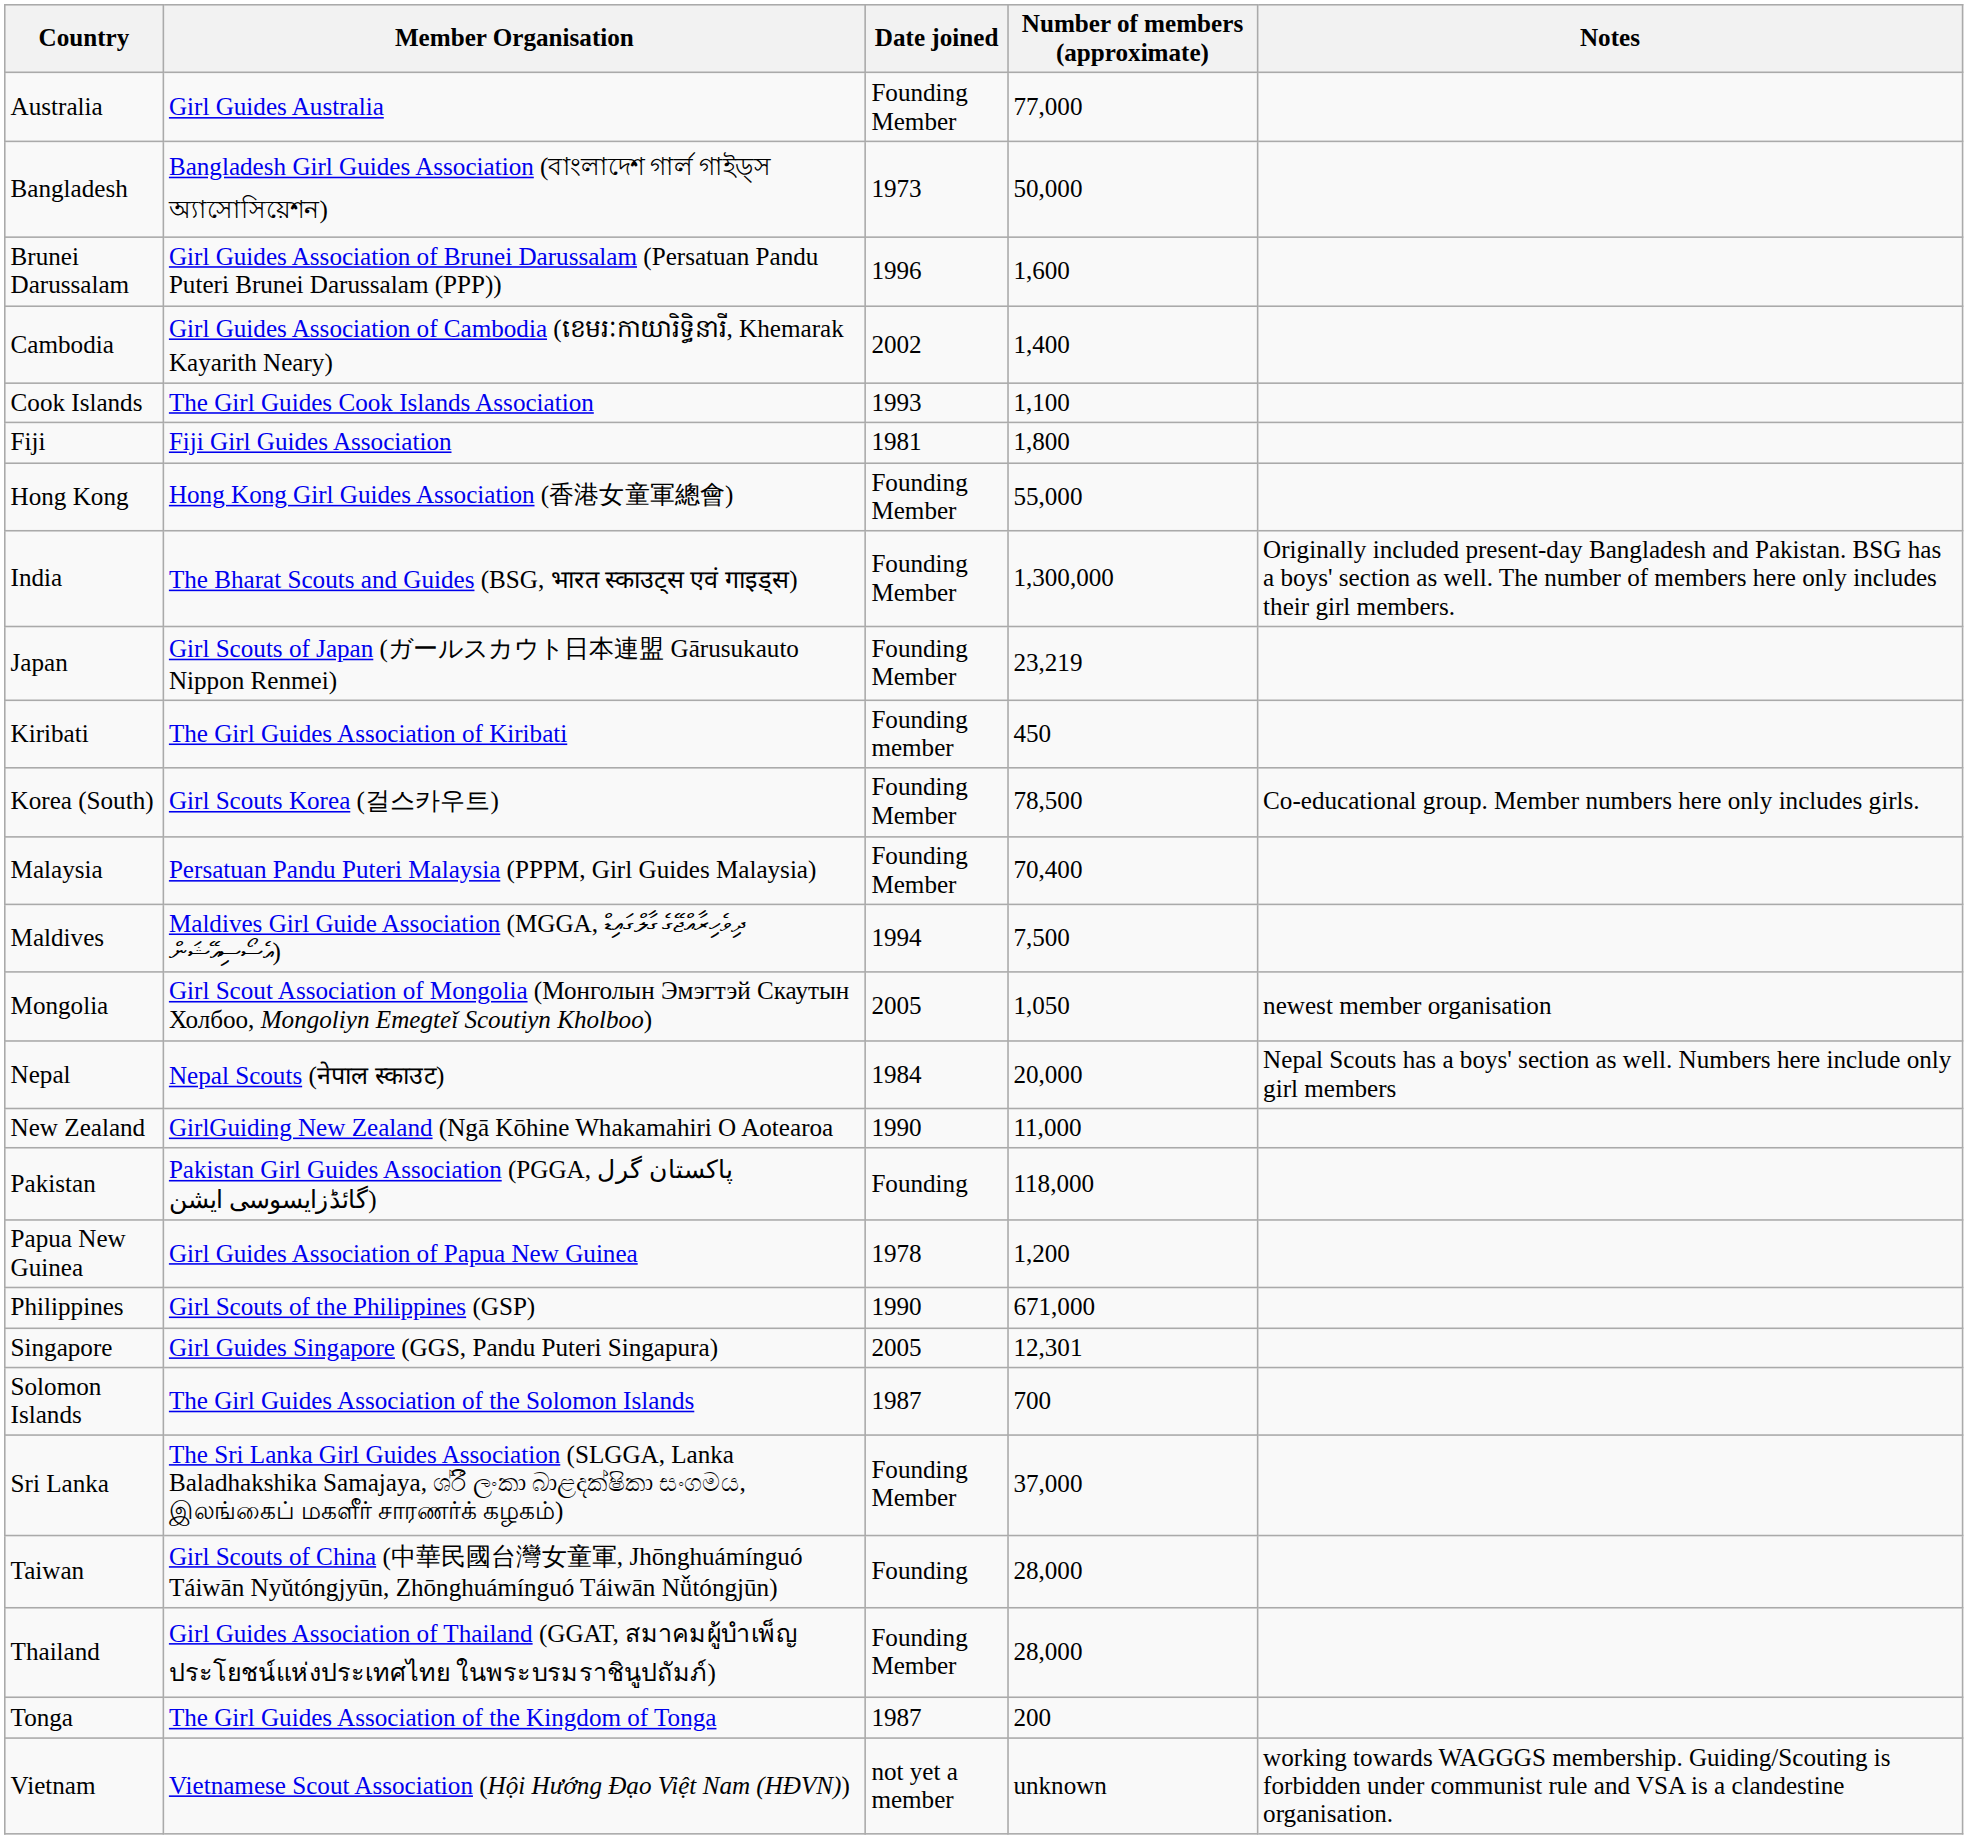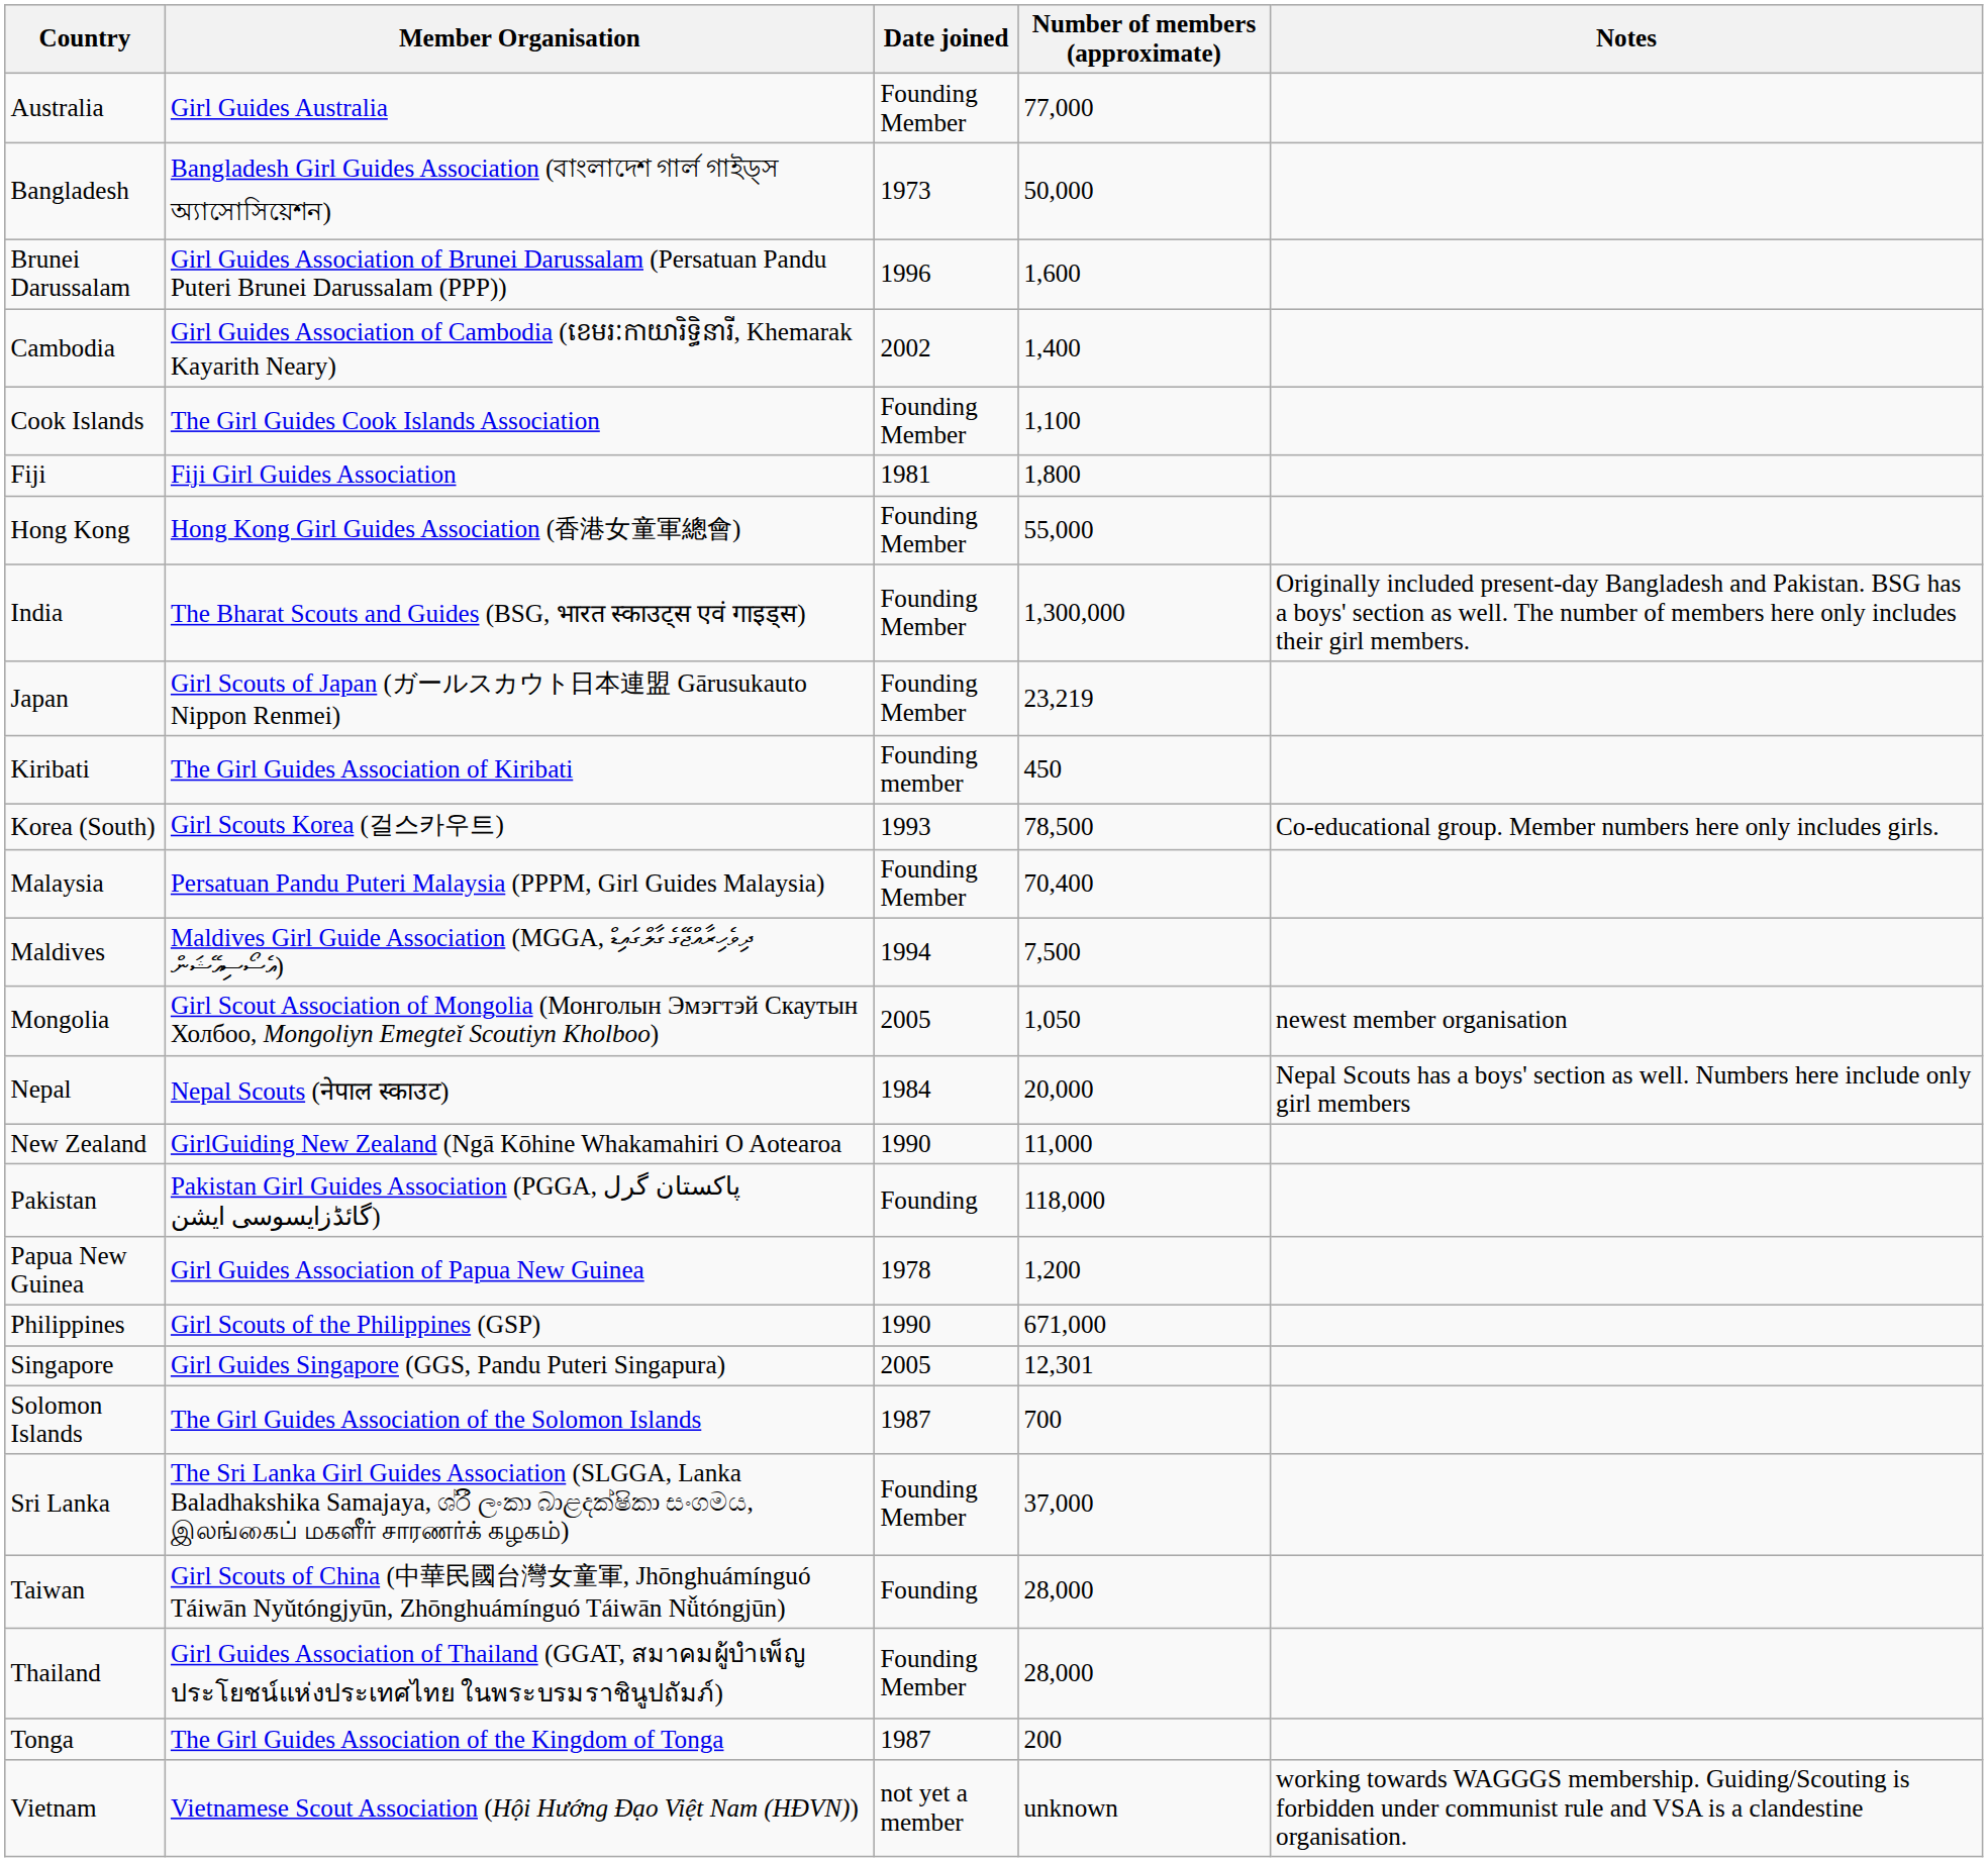 <table class="wikitable sortable">
 <tr>
 <th>Country</th>
 <th>Member Organisation</th>
 <th>Date joined</th>
 <th>Number of members (approximate)</th>
 <th>Notes</th>
 </tr>
 <tr>
 <td>Australia</td>
 <td><a href='#'>Girl Guides Australia</a></td>
 <td>Founding Member</td>
 <td>77,000</td>
 <td></td>
 </tr>
 <tr>
 <td>Bangladesh</td>
 <td><a href='#'>Bangladesh Girl Guides Association</a> (বাংলাদেশ গার্ল গাইড্‌স অ্যাসোসিয়েশন)</td>
 <td>1973</td>
 <td>50,000</td>
 <td></td>
 </tr>
 <tr>
 <td>Brunei Darussalam</td>
 <td><a href='#'>Girl Guides Association of Brunei Darussalam</a> (Persatuan Pandu Puteri Brunei Darussalam (PPP))</td>
 <td>1996</td>
 <td>1,600</td>
 <td></td>
 </tr>
 <tr>
 <td>Cambodia</td>
 <td><a href='#'>Girl Guides Association of Cambodia</a> (ខេមរៈកាយារិទ្ធិនារី, Khemarak Kayarith Neary)</td>
 <td>2002</td>
 <td>1,400</td>
 <td></td>
 </tr>
 <tr>
 <td>Cook Islands</td>
 <td><a href='#'>The Girl Guides Cook Islands Association</a></td>
-<td>1993</td>
+<td>Founding Member</td>
 <td>1,100</td>
 <td></td>
 </tr>
 <tr>
 <td>Fiji</td>
 <td><a href='#'>Fiji Girl Guides Association</a></td>
 <td>1981</td>
 <td>1,800</td>
 <td></td>
 </tr>
 <tr>
 <td>Hong Kong</td>
 <td><a href='#'>Hong Kong Girl Guides Association</a> (香港女童軍總會)</td>
 <td>Founding Member</td>
 <td>55,000</td>
 <td></td>
 </tr>
 <tr>
 <td>India</td>
 <td><a href='#'>The Bharat Scouts and Guides</a> (BSG, भारत स्काउट्स एवं गाइड्स)</td>
 <td>Founding Member</td>
 <td>1,300,000</td>
 <td>Originally included present-day Bangladesh and Pakistan. BSG has a boys' section as well. The number of members here only includes their girl members.</td>
 </tr>
 <tr>
 <td>Japan</td>
 <td><a href='#'>Girl Scouts of Japan</a> (ガールスカウト日本連盟 Gārusukauto Nippon Renmei)</td>
 <td>Founding Member</td>
 <td>23,219</td>
 <td></td>
 </tr>
 <tr>
 <td>Kiribati</td>
 <td><a href='#'>The Girl Guides Association of Kiribati</a></td>
 <td>Founding member</td>
 <td>450</td>
 <td></td>
 </tr>
 <tr>
 <td>Korea (South)</td>
 <td><a href='#'>Girl Scouts Korea</a> (걸스카우트)</td>
-<td>Founding Member</td>
+<td>1993</td>
 <td>78,500</td>
 <td>Co-educational group. Member numbers here only includes girls.</td>
 </tr>
 <tr>
 <td>Malaysia</td>
 <td><a href='#'>Persatuan Pandu Puteri Malaysia</a> (PPPM, Girl Guides Malaysia)</td>
 <td>Founding Member</td>
 <td>70,400</td>
 <td></td>
 </tr>
 <tr>
 <td>Maldives</td>
 <td><a href='#'>Maldives Girl Guide Association</a> (MGGA, ދިވެހިރާއްޖޭގެ ގާލްގައިޑް އެސޯސިއޭޝަން)</td>
 <td>1994</td>
 <td>7,500</td>
 <td></td>
 </tr>
 <tr>
 <td>Mongolia</td>
 <td><a href='#'>Girl Scout Association of Mongolia</a> (Монголын Эмэгтэй Скаутын Холбоо, <em>Mongoliyn Emegteǐ Scoutiyn Kholboo</em>)</td>
 <td>2005</td>
 <td>1,050</td>
 <td>newest member organisation</td>
 </tr>
 <tr>
 <td>Nepal</td>
 <td><a href='#'>Nepal Scouts</a> (नेपाल स्काउट)</td>
 <td>1984</td>
 <td>20,000</td>
 <td>Nepal Scouts has a boys' section as well. Numbers here include only girl members</td>
 </tr>
 <tr>
 <td>New Zealand</td>
 <td><a href='#'>GirlGuiding New Zealand</a> (Ngā Kōhine Whakamahiri O Aotearoa</td>
 <td>1990</td>
 <td>11,000</td>
 <td></td>
 </tr>
 <tr>
 <td>Pakistan</td>
 <td><a href='#'>Pakistan Girl Guides Association</a> (PGGA, پاکستان گرل گائڈزایسوسی ایشن)</td>
 <td>Founding</td>
 <td>118,000</td>
 <td></td>
 </tr>
 <tr>
 <td>Papua New Guinea</td>
 <td><a href='#'>Girl Guides Association of Papua New Guinea</a></td>
 <td>1978</td>
 <td>1,200</td>
 <td></td>
 </tr>
 <tr>
 <td>Philippines</td>
 <td><a href='#'>Girl Scouts of the Philippines</a> (GSP)</td>
 <td>1990</td>
 <td>671,000</td>
 <td></td>
 </tr>
 <tr>
 <td>Singapore</td>
 <td><a href='#'>Girl Guides Singapore</a> (GGS, Pandu Puteri Singapura)</td>
 <td>2005</td>
 <td>12,301</td>
 <td></td>
 </tr>
 <tr>
 <td>Solomon Islands</td>
 <td><a href='#'>The Girl Guides Association of the Solomon Islands</a></td>
 <td>1987</td>
 <td>700</td>
 <td></td>
 </tr>
 <tr>
 <td>Sri Lanka</td>
 <td><a href='#'>The Sri Lanka Girl Guides Association</a> (SLGGA, Lanka Baladhakshika Samajaya, ශ්රී ලංකා බාළදක්ෂිකා සංගමය, இலங்கைப் மகளீர் சாரணர்க் கழகம்)</td>
 <td>Founding Member</td>
 <td>37,000</td>
 <td></td>
 </tr>
 <tr>
 <td>Taiwan</td>
 <td><a href='#'>Girl Scouts of China</a> (中華民國台灣女童軍, Jhōnghuámínguó Táiwān Nyǔtóngjyūn, Zhōnghuámínguó Táiwān Nǚtóngjūn)</td>
 <td>Founding</td>
 <td>28,000</td>
 <td></td>
 </tr>
 <tr>
 <td>Thailand</td>
 <td><a href='#'>Girl Guides Association of Thailand</a> (GGAT, สมาคมผู้บำเพ็ญประโยชน์แห่งประเทศไทย ในพระบรมราชินูปถัมภ์)</td>
 <td>Founding Member</td>
 <td>28,000</td>
 <td></td>
 </tr>
 <tr>
 <td>Tonga</td>
 <td><a href='#'>The Girl Guides Association of the Kingdom of Tonga</a></td>
 <td>1987</td>
 <td>200</td>
 <td></td>
 </tr>
 <tr>
 <td>Vietnam</td>
 <td><a href='#'>Vietnamese Scout Association</a> (<em>Hội Hướng Đạo Việt Nam (HĐVN)</em>)</td>
 <td>not yet a member</td>
 <td>unknown</td>
 <td>working towards WAGGGS membership. Guiding/Scouting is forbidden under communist rule and VSA is a clandestine organisation.</td>
 </tr>
 </table>
